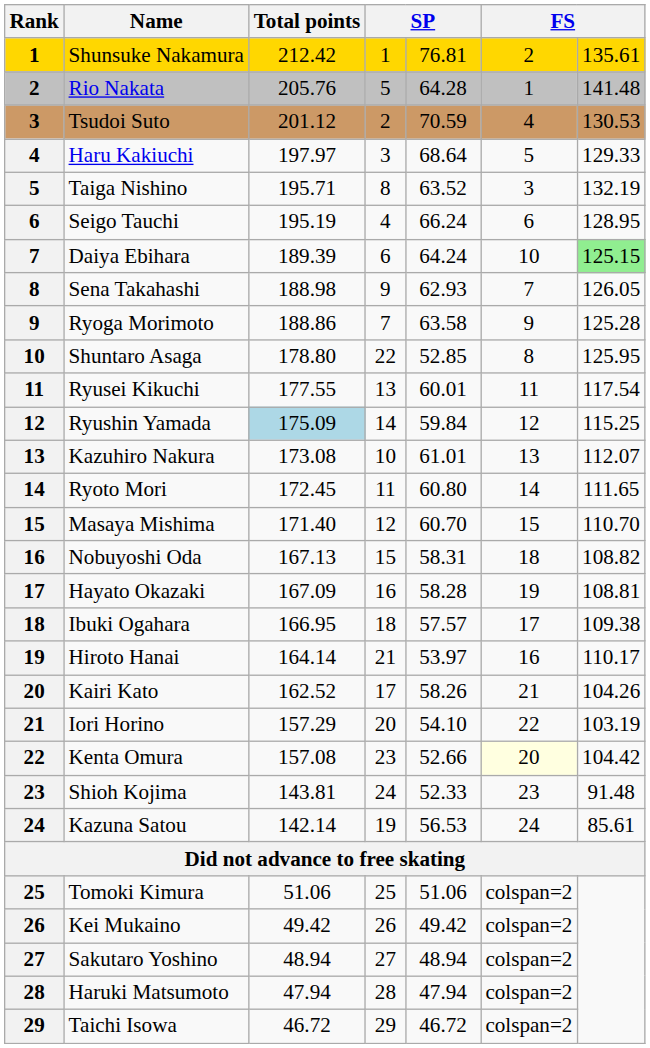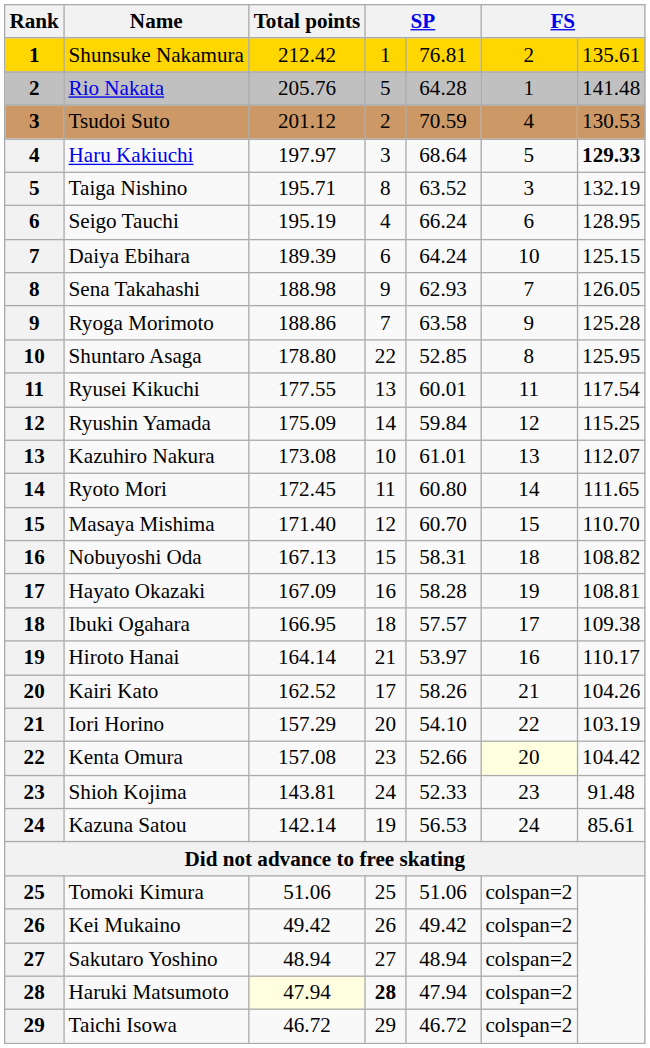 <table class="wikitable sortable">
 <tr>
 <th>Rank</th>
 <th>Name</th>
 <th>Total points</th>
 <th colspan="2" width="80px"><a href='#'>SP</a></th>
 <th colspan="2" width="80px"><a href='#'>FS</a></th>
 </tr>
 <tr bgcolor="gold">
 <td align="center"><strong>1</strong></td>
 <td>Shunsuke Nakamura</td>
 <td align="center">212.42</td>
 <td align="center">1</td>
 <td align="center">76.81</td>
 <td align="center">2</td>
 <td align="center">135.61</td>
 </tr>
 <tr bgcolor="silver">
 <td align="center"><strong>2</strong></td>
 <td><a href='#'>Rio Nakata</a></td>
 <td align="center">205.76</td>
 <td align="center">5</td>
 <td align="center">64.28</td>
 <td align="center">1</td>
 <td align="center">141.48</td>
 </tr>
 <tr bgcolor="cc9966">
 <td align="center"><strong>3</strong></td>
 <td>Tsudoi Suto</td>
 <td align="center">201.12</td>
 <td align="center">2</td>
 <td align="center">70.59</td>
 <td align="center">4</td>
 <td align="center">130.53</td>
 </tr>
 <tr>
 <th>4</th>
 <td><a href='#'>Haru Kakiuchi</a></td>
 <td align="center">197.97</td>
 <td align="center">3</td>
 <td align="center">68.64</td>
 <td align="center">5</td>
-<td align="center">129.33</td>
+<td align="center"><strong>129.33</strong></td>
 </tr>
 <tr>
 <th>5</th>
 <td>Taiga Nishino</td>
 <td align="center">195.71</td>
 <td align="center">8</td>
 <td align="center">63.52</td>
 <td align="center">3</td>
 <td align="center">132.19</td>
 </tr>
 <tr>
 <th>6</th>
 <td>Seigo Tauchi</td>
 <td align="center">195.19</td>
 <td align="center">4</td>
 <td align="center">66.24</td>
 <td align="center">6</td>
 <td align="center">128.95</td>
 </tr>
 <tr>
 <th>7</th>
 <td>Daiya Ebihara</td>
 <td align="center">189.39</td>
 <td align="center">6</td>
 <td align="center">64.24</td>
 <td align="center">10</td>
-<td align="center" style="background: lightgreen;">125.15</td>
+<td align="center">125.15</td>
 </tr>
 <tr>
 <th>8</th>
 <td>Sena Takahashi</td>
 <td align="center">188.98</td>
 <td align="center">9</td>
 <td align="center">62.93</td>
 <td align="center">7</td>
 <td align="center">126.05</td>
 </tr>
 <tr>
 <th>9</th>
 <td>Ryoga Morimoto</td>
 <td align="center">188.86</td>
 <td align="center">7</td>
 <td align="center">63.58</td>
 <td align="center">9</td>
 <td align="center">125.28</td>
 </tr>
 <tr>
 <th>10</th>
 <td>Shuntaro Asaga</td>
 <td align="center">178.80</td>
 <td align="center">22</td>
 <td align="center">52.85</td>
 <td align="center">8</td>
 <td align="center">125.95</td>
 </tr>
 <tr>
 <th>11</th>
 <td>Ryusei Kikuchi</td>
 <td align="center">177.55</td>
 <td align="center">13</td>
 <td align="center">60.01</td>
 <td align="center">11</td>
 <td align="center">117.54</td>
 </tr>
 <tr>
 <th>12</th>
 <td>Ryushin Yamada</td>
-<td align="center" style="background: lightblue;">175.09</td>
+<td align="center">175.09</td>
 <td align="center">14</td>
 <td align="center">59.84</td>
 <td align="center">12</td>
 <td align="center">115.25</td>
 </tr>
 <tr>
 <th>13</th>
 <td>Kazuhiro Nakura</td>
 <td align="center">173.08</td>
 <td align="center">10</td>
 <td align="center">61.01</td>
 <td align="center">13</td>
 <td align="center">112.07</td>
 </tr>
 <tr>
 <th>14</th>
 <td>Ryoto Mori</td>
 <td align="center">172.45</td>
 <td align="center">11</td>
 <td align="center">60.80</td>
 <td align="center">14</td>
 <td align="center">111.65</td>
 </tr>
 <tr>
 <th>15</th>
 <td>Masaya Mishima</td>
 <td align="center">171.40</td>
 <td align="center">12</td>
 <td align="center">60.70</td>
 <td align="center">15</td>
 <td align="center">110.70</td>
 </tr>
 <tr>
 <th>16</th>
 <td>Nobuyoshi Oda</td>
 <td align="center">167.13</td>
 <td align="center">15</td>
 <td align="center">58.31</td>
 <td align="center">18</td>
 <td align="center">108.82</td>
 </tr>
 <tr>
 <th>17</th>
 <td>Hayato Okazaki</td>
 <td align="center">167.09</td>
 <td align="center">16</td>
 <td align="center">58.28</td>
 <td align="center">19</td>
 <td align="center">108.81</td>
 </tr>
 <tr>
 <th>18</th>
 <td>Ibuki Ogahara</td>
 <td align="center">166.95</td>
 <td align="center">18</td>
 <td align="center">57.57</td>
 <td align="center">17</td>
 <td align="center">109.38</td>
 </tr>
 <tr>
 <th>19</th>
 <td>Hiroto Hanai</td>
 <td align="center">164.14</td>
 <td align="center">21</td>
 <td align="center">53.97</td>
 <td align="center">16</td>
 <td align="center">110.17</td>
 </tr>
 <tr>
 <th>20</th>
 <td>Kairi Kato</td>
 <td align="center">162.52</td>
 <td align="center">17</td>
 <td align="center">58.26</td>
 <td align="center">21</td>
 <td align="center">104.26</td>
 </tr>
 <tr>
 <th>21</th>
 <td>Iori Horino</td>
 <td align="center">157.29</td>
 <td align="center">20</td>
 <td align="center">54.10</td>
 <td align="center">22</td>
 <td align="center">103.19</td>
 </tr>
 <tr>
 <th>22</th>
 <td>Kenta Omura</td>
 <td align="center">157.08</td>
 <td align="center">23</td>
 <td align="center">52.66</td>
 <td align="center" style="background: lightyellow;">20</td>
 <td align="center">104.42</td>
 </tr>
 <tr>
 <th>23</th>
 <td>Shioh Kojima</td>
 <td align="center">143.81</td>
 <td align="center">24</td>
 <td align="center">52.33</td>
 <td align="center">23</td>
 <td align="center">91.48</td>
 </tr>
 <tr>
 <th>24</th>
 <td>Kazuna Satou</td>
 <td align="center">142.14</td>
 <td align="center">19</td>
 <td align="center">56.53</td>
 <td align="center">24</td>
 <td align="center">85.61</td>
 </tr>
 <tr>
 <th colspan=8>Did not advance to free skating</th>
 </tr>
 <tr>
 <th>25</th>
 <td>Tomoki Kimura</td>
 <td align="center">51.06</td>
 <td align="center">25</td>
 <td align="center">51.06</td>
 <td>colspan=2 </td>
 </tr>
 <tr>
 <th>26</th>
 <td>Kei Mukaino</td>
 <td align="center">49.42</td>
 <td align="center">26</td>
 <td align="center">49.42</td>
 <td>colspan=2 </td>
 </tr>
 <tr>
 <th>27</th>
 <td>Sakutaro Yoshino</td>
 <td align="center">48.94</td>
 <td align="center">27</td>
 <td align="center">48.94</td>
 <td>colspan=2 </td>
 </tr>
 <tr>
 <th>28</th>
 <td>Haruki Matsumoto</td>
-<td align="center">47.94</td>
-<td align="center">28</td>
+<td align="center" style="background: lightyellow;">47.94</td>
+<td align="center"><strong>28</strong></td>
 <td align="center">47.94</td>
 <td>colspan=2 </td>
 </tr>
 <tr>
 <th>29</th>
 <td>Taichi Isowa</td>
 <td align="center">46.72</td>
 <td align="center">29</td>
 <td align="center">46.72</td>
 <td>colspan=2 </td>
 </tr>
 </table>
